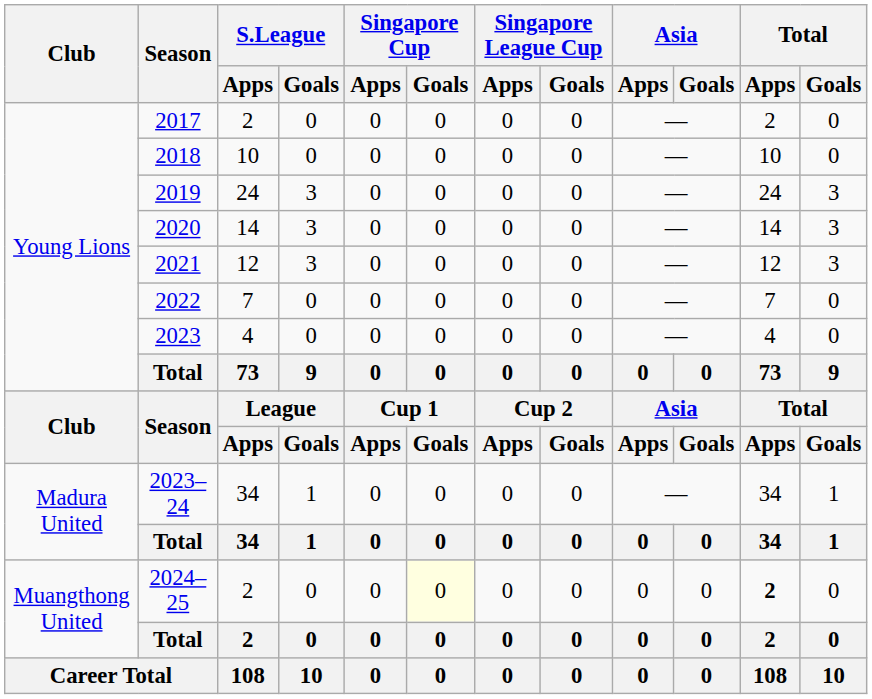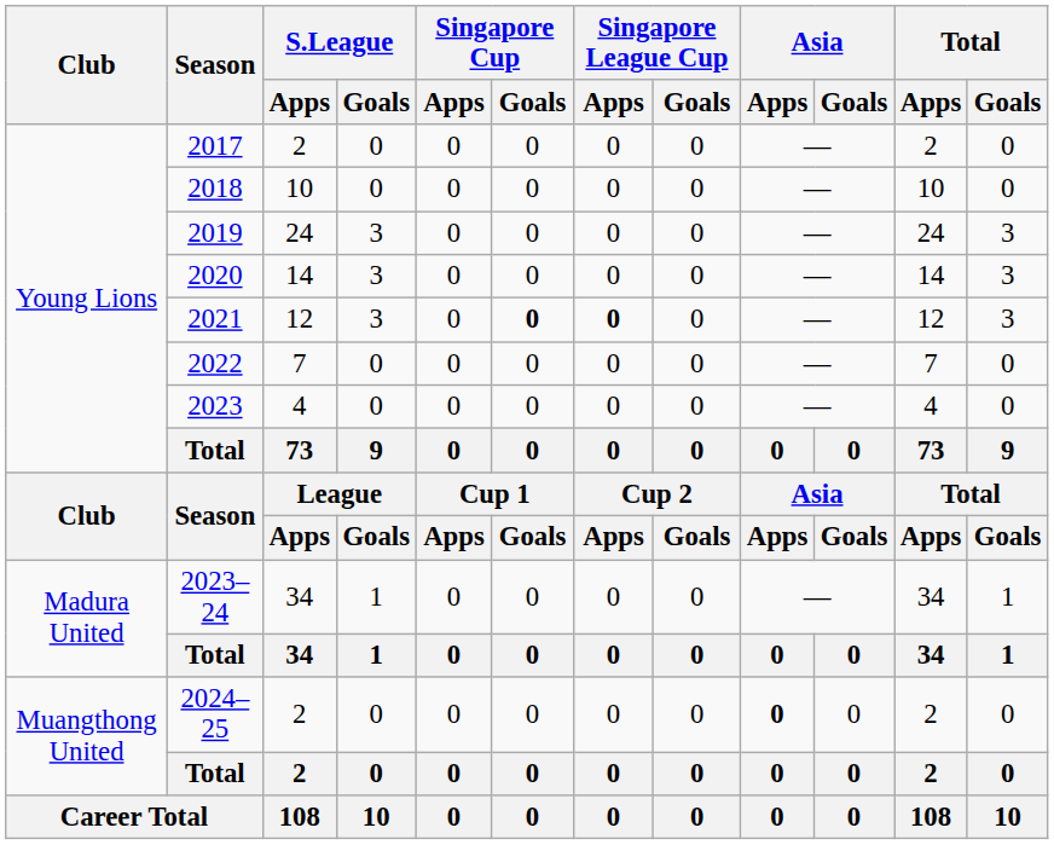 <table style="text-align:center" class="wikitable">
 <tr>
 <th rowspan="2">Club</th>
 <th rowspan="2">Season</th>
 <th colspan="2"><a href='#'>S.League</a></th>
 <th colspan="2"><a href='#'>Singapore Cup</a></th>
 <th colspan="2"><a href='#'>Singapore League Cup</a></th>
 <th colspan="2"><a href='#'>Asia</a></th>
 <th colspan="2">Total</th>
 </tr>
 <tr>
 <th>Apps</th>
 <th>Goals</th>
 <th>Apps</th>
 <th>Goals</th>
 <th>Apps</th>
 <th>Goals</th>
 <th>Apps</th>
 <th>Goals</th>
 <th>Apps</th>
 <th>Goals</th>
 </tr>
 <tr>
 <td rowspan="8"><a href='#'>Young Lions</a></td>
 <td><a href='#'>2017</a></td>
 <td>2</td>
 <td>0</td>
 <td>0</td>
 <td>0</td>
 <td>0</td>
 <td>0</td>
 <td colspan="2">—</td>
 <td>2</td>
 <td>0</td>
 </tr>
 <tr>
 <td><a href='#'>2018</a></td>
 <td>10</td>
 <td>0</td>
 <td>0</td>
 <td>0</td>
 <td>0</td>
 <td>0</td>
 <td colspan="2">—</td>
 <td>10</td>
 <td>0</td>
 </tr>
 <tr>
 <td><a href='#'>2019</a></td>
 <td>24</td>
 <td>3</td>
 <td>0</td>
 <td>0</td>
 <td>0</td>
 <td>0</td>
 <td colspan="2">—</td>
 <td>24</td>
 <td>3</td>
 </tr>
 <tr>
 <td><a href='#'>2020</a></td>
 <td>14</td>
 <td>3</td>
 <td>0</td>
 <td>0</td>
 <td>0</td>
 <td>0</td>
 <td colspan="2">—</td>
 <td>14</td>
 <td>3</td>
 </tr>
 <tr>
 <td><a href='#'>2021</a></td>
 <td>12</td>
 <td>3</td>
 <td>0</td>
-<td>0</td>
-<td>0</td>
+<td><strong>0</strong></td>
+<td><strong>0</strong></td>
 <td>0</td>
 <td colspan="2">—</td>
 <td>12</td>
 <td>3</td>
 </tr>
 <tr>
 <td><a href='#'>2022</a></td>
 <td>7</td>
 <td>0</td>
 <td>0</td>
 <td>0</td>
 <td>0</td>
 <td>0</td>
 <td colspan="2">—</td>
 <td>7</td>
 <td>0</td>
 </tr>
 <tr>
 <td><a href='#'>2023</a></td>
 <td>4</td>
 <td>0</td>
 <td>0</td>
 <td>0</td>
 <td>0</td>
 <td>0</td>
 <td colspan="2">—</td>
 <td>4</td>
 <td>0</td>
 </tr>
 <tr>
 <th>Total</th>
 <th>73</th>
 <th>9</th>
 <th>0</th>
 <th>0</th>
 <th>0</th>
 <th>0</th>
 <th>0</th>
 <th>0</th>
 <th>73</th>
 <th>9</th>
 </tr>
 <tr>
 <th rowspan="2">Club</th>
 <th rowspan="2">Season</th>
 <th colspan="2">League</th>
 <th colspan="2">Cup 1</th>
 <th colspan="2">Cup 2</th>
 <th colspan="2"><a href='#'>Asia</a></th>
 <th colspan="2">Total</th>
 </tr>
 <tr>
 <th>Apps</th>
 <th>Goals</th>
 <th>Apps</th>
 <th>Goals</th>
 <th>Apps</th>
 <th>Goals</th>
 <th>Apps</th>
 <th>Goals</th>
 <th>Apps</th>
 <th>Goals</th>
 </tr>
 <tr>
 <td rowspan="2"><a href='#'>Madura United</a></td>
 <td><a href='#'>2023–24</a></td>
 <td>34</td>
 <td>1</td>
 <td>0</td>
 <td>0</td>
 <td>0</td>
 <td>0</td>
 <td colspan="2">—</td>
 <td>34</td>
 <td>1</td>
 </tr>
 <tr>
 <th>Total</th>
 <th>34</th>
 <th>1</th>
 <th>0</th>
 <th>0</th>
 <th>0</th>
 <th>0</th>
 <th>0</th>
 <th>0</th>
 <th>34</th>
 <th>1</th>
 </tr>
 <tr>
 <td rowspan="2"><a href='#'>Muangthong United</a></td>
 <td><a href='#'>2024–25</a></td>
 <td>2</td>
 <td>0</td>
 <td>0</td>
-<td style="background: lightyellow;">0</td>
 <td>0</td>
 <td>0</td>
 <td>0</td>
+<td><strong>0</strong></td>
 <td>0</td>
-<td><strong>2</strong></td>
+<td>2</td>
 <td>0</td>
 </tr>
 <tr>
 <th>Total</th>
 <th>2</th>
 <th>0</th>
 <th>0</th>
 <th>0</th>
 <th>0</th>
 <th>0</th>
 <th>0</th>
 <th>0</th>
 <th>2</th>
 <th>0</th>
 </tr>
 <tr>
 <th colspan="2">Career Total</th>
 <th>108</th>
 <th>10</th>
 <th>0</th>
 <th>0</th>
 <th>0</th>
 <th>0</th>
 <th>0</th>
 <th>0</th>
 <th>108</th>
 <th>10</th>
 </tr>
 </table>
